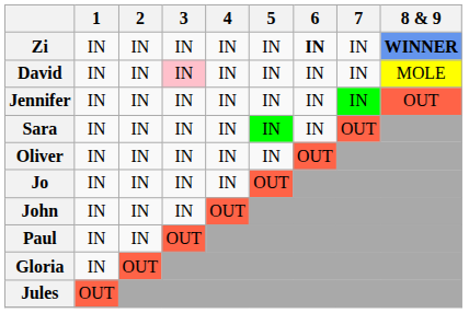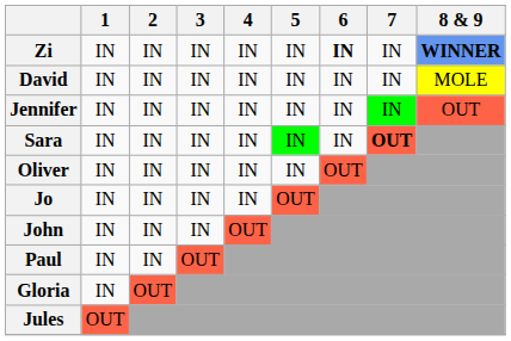 <table class="wikitable" style="text-align:center">
 <tr>
 <th></th>
 <th>1</th>
 <th>2</th>
 <th>3</th>
 <th>4</th>
 <th>5</th>
 <th>6</th>
 <th>7</th>
 <th>8 & 9</th>
 </tr>
 <tr>
 <th>Zi</th>
 <td>IN</td>
 <td>IN</td>
 <td>IN</td>
 <td>IN</td>
 <td>IN</td>
 <td><strong>IN</strong></td>
 <td>IN</td>
 <td style="background:cornflowerblue;"><strong>WINNER</strong></td>
 </tr>
 <tr>
 <th>David</th>
 <td>IN</td>
 <td>IN</td>
-<td style="background: pink;">IN</td>
+<td>IN</td>
 <td>IN</td>
 <td>IN</td>
 <td>IN</td>
 <td>IN</td>
 <td style="background:yellow;">MOLE</td>
 </tr>
 <tr>
 <th>Jennifer</th>
 <td>IN</td>
 <td>IN</td>
 <td>IN</td>
 <td>IN</td>
 <td>IN</td>
 <td>IN</td>
 <td style="background:lime;">IN</td>
 <td style="background:tomato;">OUT</td>
 </tr>
 <tr>
 <th>Sara</th>
 <td>IN</td>
 <td>IN</td>
 <td>IN</td>
 <td>IN</td>
 <td style="background:lime;">IN</td>
 <td>IN</td>
-<td style="background:tomato;">OUT</td>
+<td style="background:tomato;"><strong>OUT</strong></td>
 <td colspan=2 bgcolor="darkgray"></td>
 </tr>
 <tr>
 <th>Oliver</th>
 <td>IN</td>
 <td>IN</td>
 <td>IN</td>
 <td>IN</td>
 <td>IN</td>
 <td style="background:tomato;">OUT</td>
 <td colspan=3 bgcolor="darkgray"></td>
 </tr>
 <tr>
 <th>Jo</th>
 <td>IN</td>
 <td>IN</td>
 <td>IN</td>
 <td>IN</td>
 <td style="background:tomato;">OUT</td>
 <td colspan=4 bgcolor="darkgray"></td>
 </tr>
 <tr>
 <th>John</th>
 <td>IN</td>
 <td>IN</td>
 <td>IN</td>
 <td style="background:tomato;">OUT</td>
 <td colspan=5 bgcolor="darkgray"></td>
 </tr>
 <tr>
 <th>Paul</th>
 <td>IN</td>
 <td>IN</td>
 <td style="background:tomato;">OUT</td>
 <td colspan=6 bgcolor="darkgray"></td>
 </tr>
 <tr>
 <th>Gloria</th>
 <td>IN</td>
 <td style="background:tomato;">OUT</td>
 <td colspan=7 bgcolor="darkgray"></td>
 </tr>
 <tr>
 <th>Jules</th>
 <td style="background:tomato;">OUT</td>
 <td colspan=8 bgcolor="darkgray"></td>
 </tr>
 <tr>
 </tr>
 </table>
